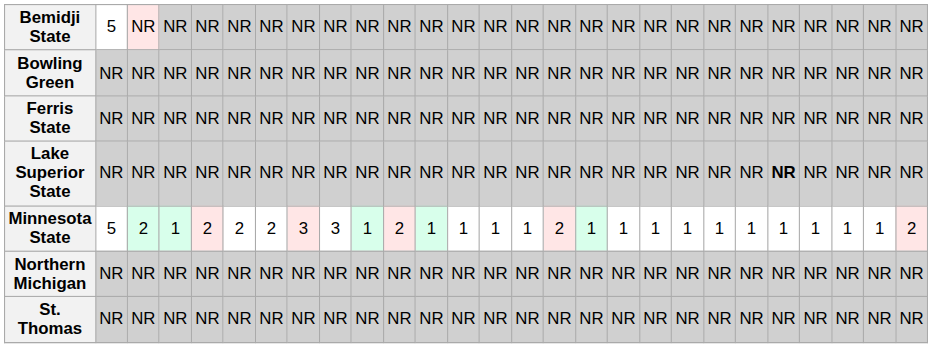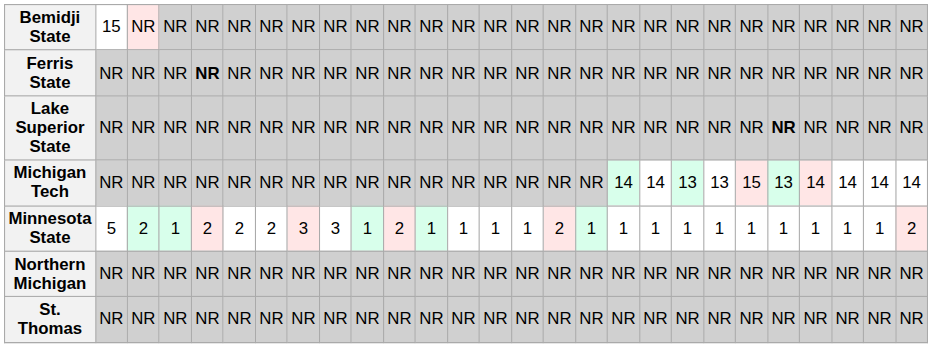 <table class="wikitable sortable" style="text-align: center;">
 <tr>
 </tr>
 <tr bgcolor=d0d0d0>
 <th>Bemidji State</th>
-<td bgcolor=FFFFFF>5</td>
+<td bgcolor=FFFFFF>15</td>
 <td bgcolor=FFE6E6>NR</td>
-<td>NR</td>
-<td>NR</td>
-<td>NR</td>
-<td>NR</td>
-<td>NR</td>
-<td>NR</td>
-<td>NR</td>
-<td>NR</td>
-<td>NR</td>
-<td>NR</td>
-<td>NR</td>
-<td>NR</td>
-<td>NR</td>
-<td>NR</td>
-<td>NR</td>
-<td>NR</td>
-<td>NR</td>
-<td>NR</td>
-<td>NR</td>
-<td>NR</td>
-<td>NR</td>
-<td>NR</td>
-<td>NR</td>
-<td>NR</td>
-</tr>
-<tr bgcolor=d0d0d0>
-<th>Bowling Green</th>
-<td>NR</td>
-<td>NR</td>
 <td>NR</td>
 <td>NR</td>
 <td>NR</td>
 <td>NR</td>
 <td>NR</td>
 <td>NR</td>
 <td>NR</td>
 <td>NR</td>
 <td>NR</td>
 <td>NR</td>
 <td>NR</td>
 <td>NR</td>
 <td>NR</td>
 <td>NR</td>
 <td>NR</td>
 <td>NR</td>
 <td>NR</td>
 <td>NR</td>
 <td>NR</td>
 <td>NR</td>
 <td>NR</td>
 <td>NR</td>
 <td>NR</td>
 <td>NR</td>
 </tr>
 <tr bgcolor=d0d0d0>
 <th>Ferris State</th>
 <td>NR</td>
 <td>NR</td>
 <td>NR</td>
-<td>NR</td>
+<td><strong>NR</strong></td>
 <td>NR</td>
 <td>NR</td>
 <td>NR</td>
 <td>NR</td>
 <td>NR</td>
 <td>NR</td>
 <td>NR</td>
 <td>NR</td>
 <td>NR</td>
 <td>NR</td>
 <td>NR</td>
 <td>NR</td>
 <td>NR</td>
 <td>NR</td>
 <td>NR</td>
 <td>NR</td>
 <td>NR</td>
 <td>NR</td>
 <td>NR</td>
 <td>NR</td>
 <td>NR</td>
 <td>NR</td>
 </tr>
 <tr bgcolor=d0d0d0>
 <th>Lake Superior State</th>
 <td>NR</td>
 <td>NR</td>
 <td>NR</td>
 <td>NR</td>
 <td>NR</td>
 <td>NR</td>
 <td>NR</td>
 <td>NR</td>
 <td>NR</td>
 <td>NR</td>
 <td>NR</td>
 <td>NR</td>
 <td>NR</td>
 <td>NR</td>
 <td>NR</td>
 <td>NR</td>
 <td>NR</td>
 <td>NR</td>
 <td>NR</td>
 <td>NR</td>
 <td>NR</td>
 <td><strong>NR</strong></td>
 <td>NR</td>
 <td>NR</td>
 <td>NR</td>
 <td>NR</td>
+</tr>
+<tr bgcolor=d0d0d0>
+<th>Michigan Tech</th>
+<td>NR</td>
+<td>NR</td>
+<td>NR</td>
+<td>NR</td>
+<td>NR</td>
+<td>NR</td>
+<td>NR</td>
+<td>NR</td>
+<td>NR</td>
+<td>NR</td>
+<td>NR</td>
+<td>NR</td>
+<td>NR</td>
+<td>NR</td>
+<td>NR</td>
+<td>NR</td>
+<td bgcolor=D8FFEB>14</td>
+<td bgcolor=FFFFFF>14</td>
+<td bgcolor=D8FFEB>13</td>
+<td bgcolor=FFFFFF>13</td>
+<td bgcolor=FFE6E6>15</td>
+<td bgcolor=D8FFEB>13</td>
+<td bgcolor=FFE6E6>14</td>
+<td bgcolor=FFFFFF>14</td>
+<td bgcolor=FFFFFF>14</td>
+<td bgcolor=FFFFFF>14</td>
 </tr>
 <tr bgcolor=d0d0d0>
 <th>Minnesota State</th>
 <td bgcolor=FFFFFF>5</td>
 <td bgcolor=D8FFEB>2</td>
 <td bgcolor=D8FFEB>1</td>
 <td bgcolor=FFE6E6>2</td>
 <td bgcolor=FFFFFF>2</td>
 <td bgcolor=FFFFFF>2</td>
 <td bgcolor=FFE6E6>3</td>
 <td bgcolor=FFFFFF>3</td>
 <td bgcolor=D8FFEB>1</td>
 <td bgcolor=FFE6E6>2</td>
 <td bgcolor=D8FFEB>1</td>
 <td bgcolor=FFFFFF>1</td>
 <td bgcolor=FFFFFF>1</td>
 <td bgcolor=FFFFFF>1</td>
 <td bgcolor=FFE6E6>2</td>
 <td bgcolor=D8FFEB>1</td>
 <td bgcolor=FFFFFF>1</td>
 <td bgcolor=FFFFFF>1</td>
 <td bgcolor=FFFFFF>1</td>
 <td bgcolor=FFFFFF>1</td>
 <td bgcolor=FFFFFF>1</td>
 <td bgcolor=FFFFFF>1</td>
 <td bgcolor=FFFFFF>1</td>
 <td bgcolor=FFFFFF>1</td>
 <td bgcolor=FFFFFF>1</td>
 <td bgcolor=FFE6E6>2</td>
 </tr>
 <tr bgcolor=d0d0d0>
 <th>Northern Michigan</th>
 <td>NR</td>
 <td>NR</td>
 <td>NR</td>
 <td>NR</td>
 <td>NR</td>
 <td>NR</td>
 <td>NR</td>
 <td>NR</td>
 <td>NR</td>
 <td>NR</td>
 <td>NR</td>
 <td>NR</td>
 <td>NR</td>
 <td>NR</td>
 <td>NR</td>
 <td>NR</td>
 <td>NR</td>
 <td>NR</td>
 <td>NR</td>
 <td>NR</td>
 <td>NR</td>
 <td>NR</td>
 <td>NR</td>
 <td>NR</td>
 <td>NR</td>
 <td>NR</td>
 </tr>
 <tr bgcolor=d0d0d0>
 <th>St. Thomas</th>
 <td>NR</td>
 <td>NR</td>
 <td>NR</td>
 <td>NR</td>
 <td>NR</td>
 <td>NR</td>
 <td>NR</td>
 <td>NR</td>
 <td>NR</td>
 <td>NR</td>
 <td>NR</td>
 <td>NR</td>
 <td>NR</td>
 <td>NR</td>
 <td>NR</td>
 <td>NR</td>
 <td>NR</td>
 <td>NR</td>
 <td>NR</td>
 <td>NR</td>
 <td>NR</td>
 <td>NR</td>
 <td>NR</td>
 <td>NR</td>
 <td>NR</td>
 <td>NR</td>
 </tr>
 <tr>
 </tr>
 </table>
